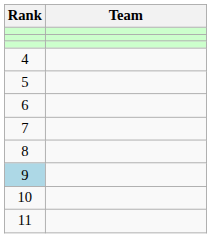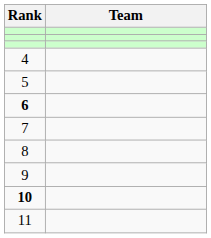 <table class="wikitable">
 <tr>
 <th>Rank</th>
 <th width=170>Team</th>
 </tr>
 <tr bgcolor=ccffcc>
 <td align=center></td>
 <td></td>
 </tr>
 <tr bgcolor=ccffcc>
 <td align=center></td>
 <td></td>
 </tr>
 <tr bgcolor=ccffcc>
 <td align=center></td>
 <td></td>
 </tr>
 <tr>
 <td align=center>4</td>
 <td></td>
 </tr>
 <tr>
 <td align=center>5</td>
 <td></td>
 </tr>
 <tr>
-<td align=center>6</td>
+<td align=center><strong>6</strong></td>
 <td></td>
 </tr>
 <tr>
 <td align=center>7</td>
 <td></td>
 </tr>
 <tr>
 <td align=center>8</td>
 <td></td>
 </tr>
 <tr>
-<td align=center style="background: lightblue;">9</td>
+<td align=center>9</td>
 <td></td>
 </tr>
 <tr>
-<td align=center>10</td>
+<td align=center><strong>10</strong></td>
 <td></td>
 </tr>
 <tr>
 <td align=center>11</td>
 <td></td>
 </tr>
 </table>
